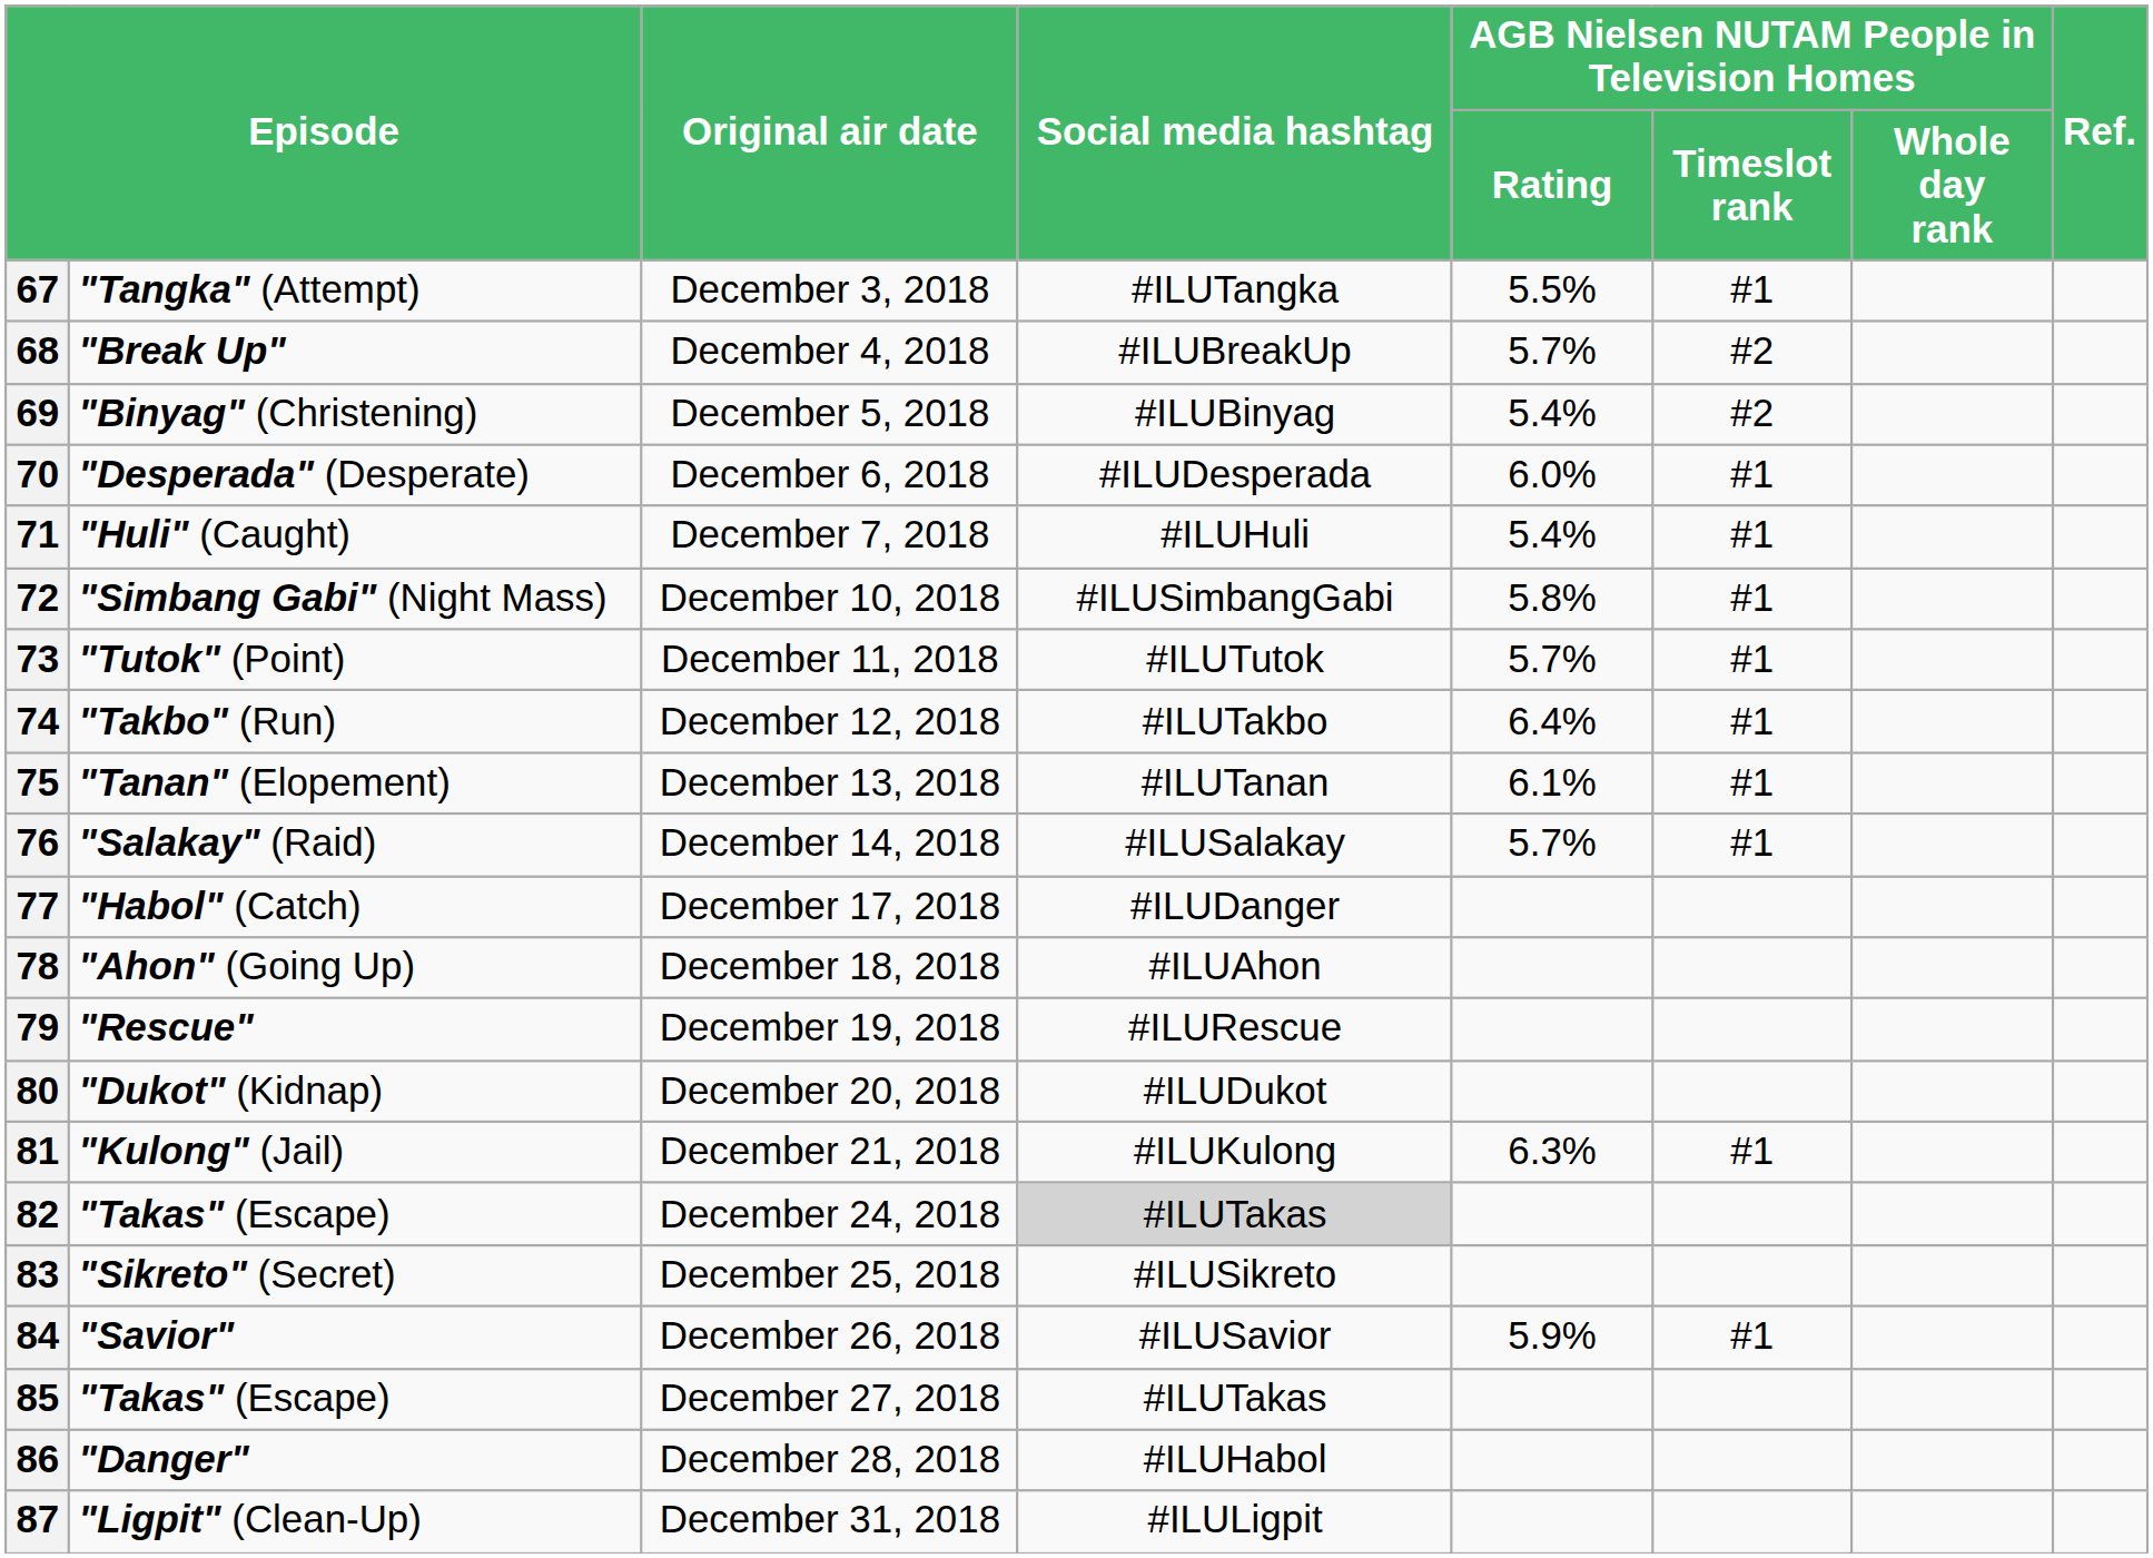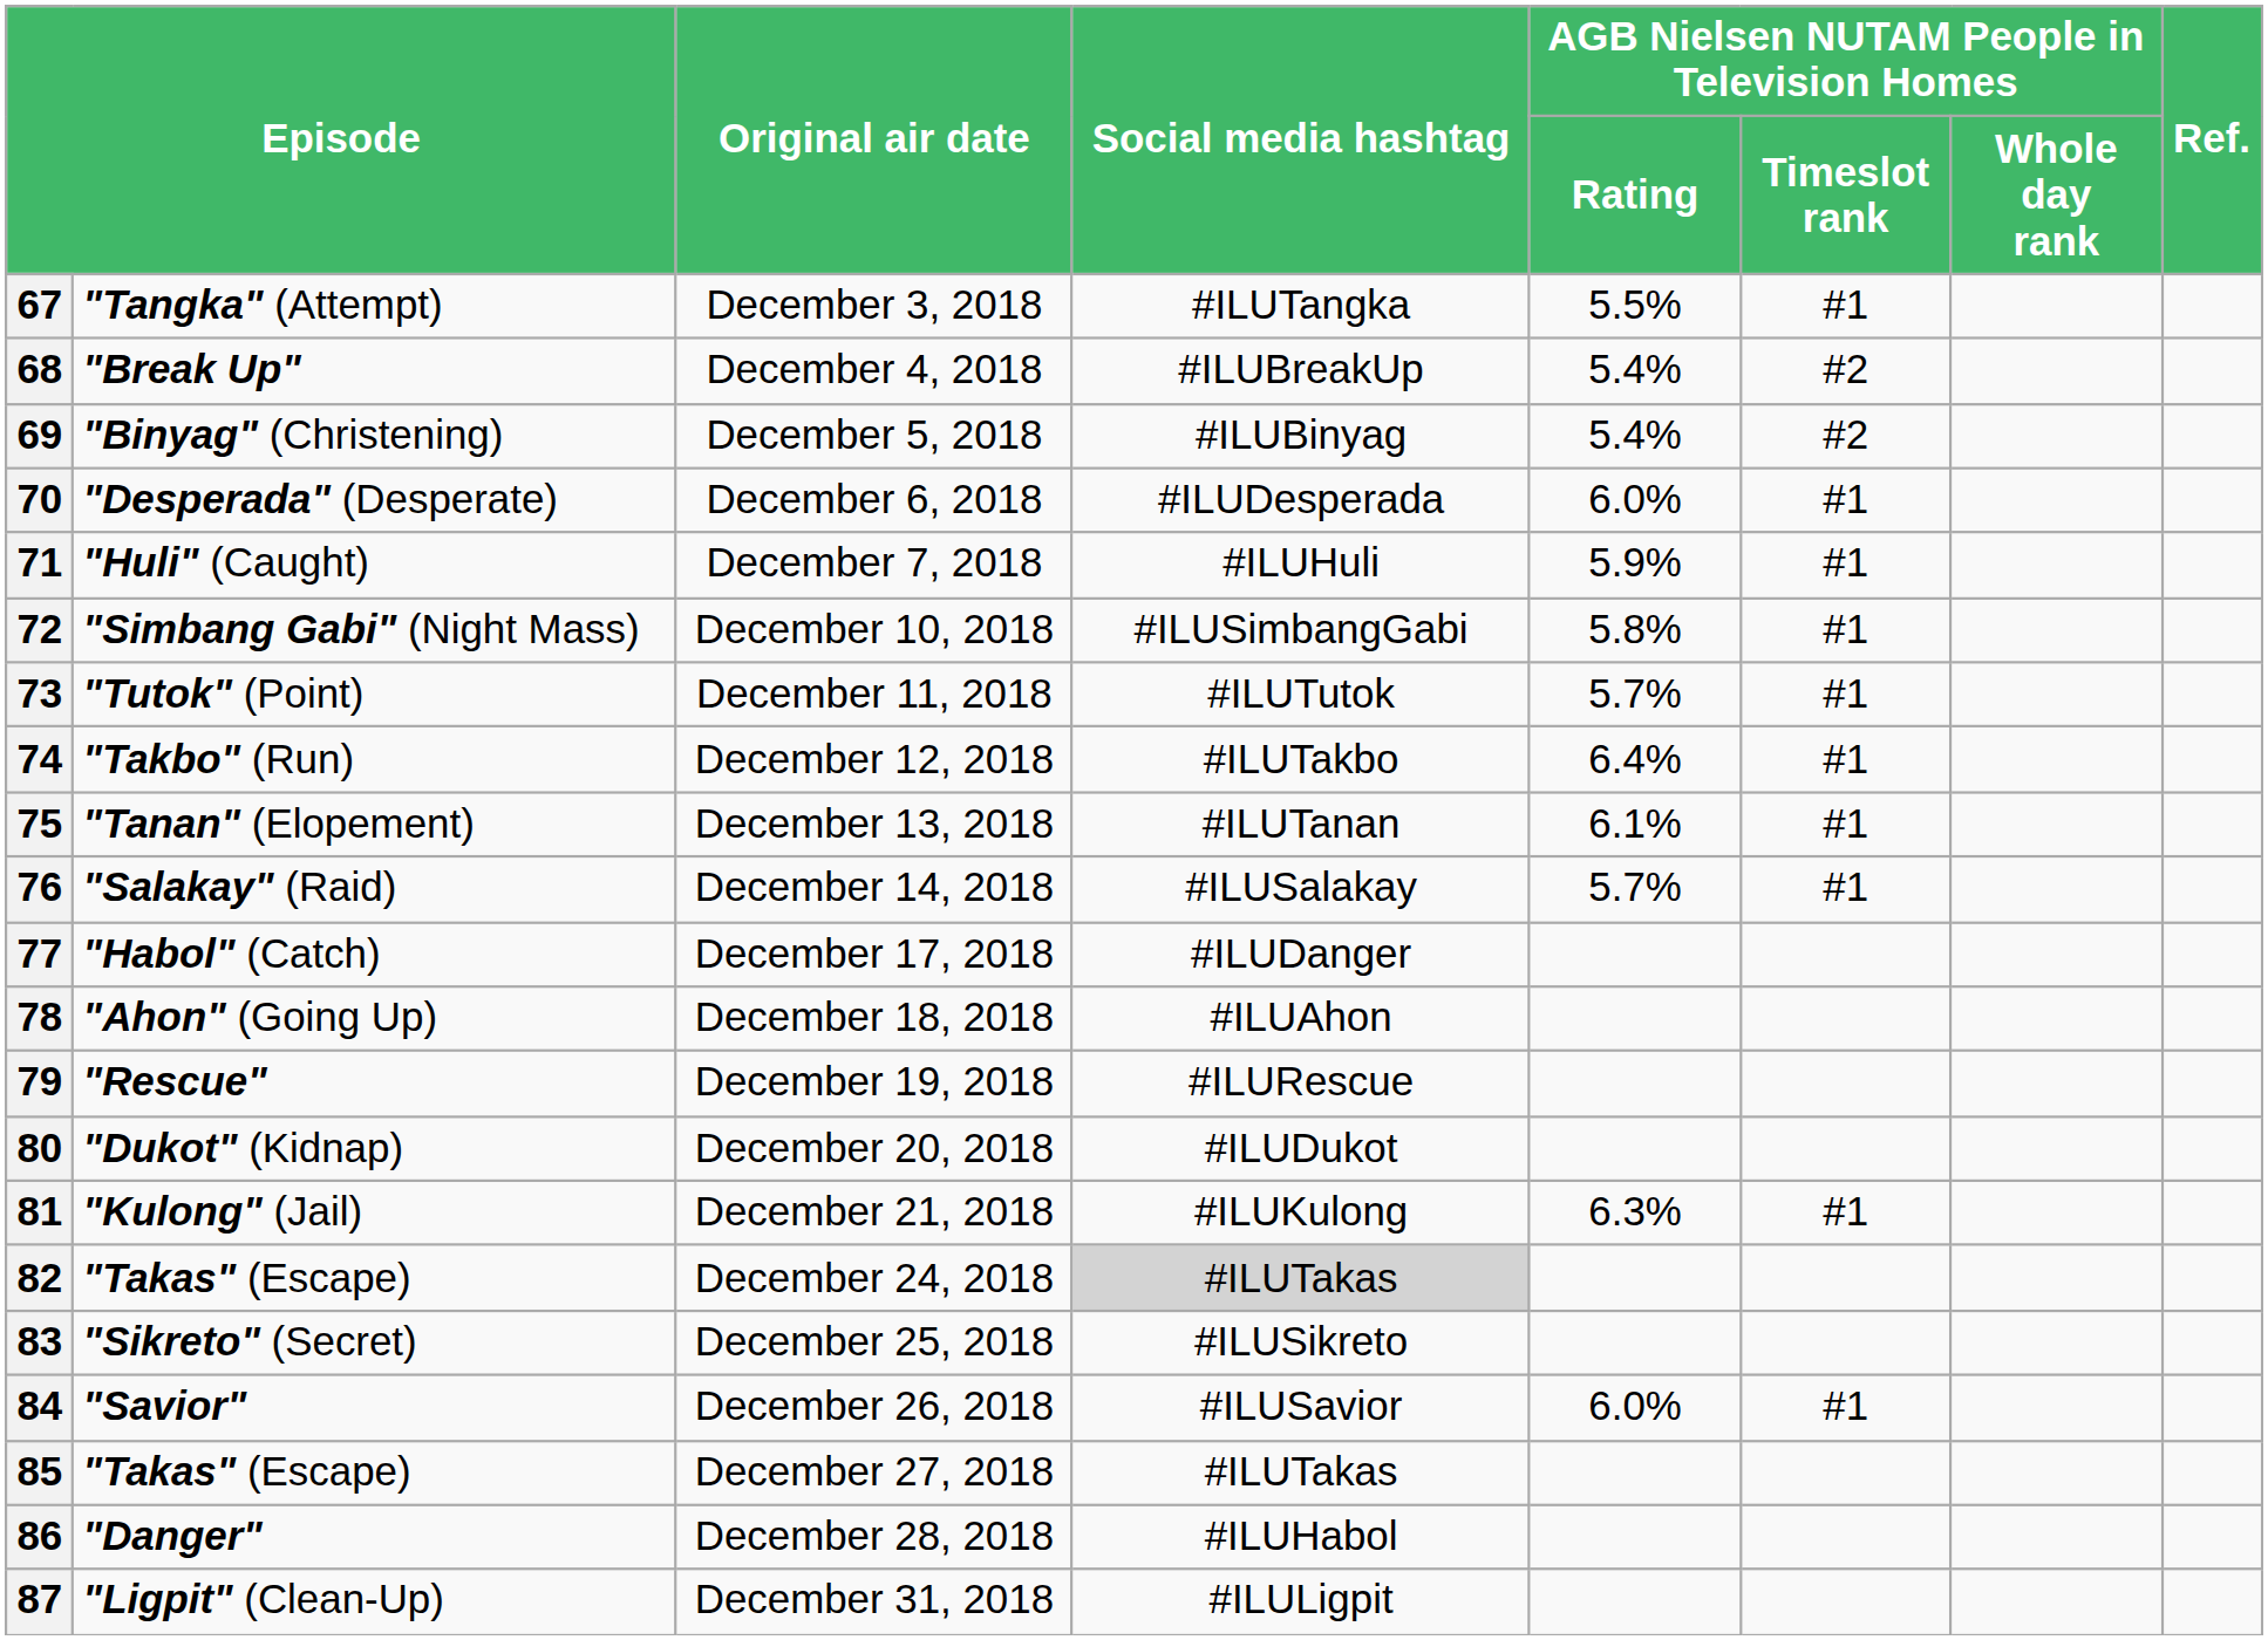 <table class="wikitable" style="text-align:center; font-size:100%; line-height:18px;" width="100%">
 <tr>
 <th style="background-color:#40b868; color:white;" colspan="2" rowspan="2">Episode</th>
 <th style="background-color:#40b868; color:white" rowspan="2">Original air date</th>
 <th style="background-color:#40b868; color:white" rowspan="2">Social media hashtag</th>
 <th style="background-color:#40b868; color:white;" colspan="3">AGB Nielsen NUTAM People in Television Homes</th>
 <th style="background-color:#40b868;  color:white;" rowspan="2">Ref.</th>
 </tr>
 <tr>
 <th style="background-color:#40b868; width:75px; color:white;">Rating</th>
 <th style="background-color:#40b868;  width:75px; color:white;">Timeslot<br>rank</th>
 <th style="background-color:#40b868; width:75px; color:white;">Whole day<br>rank</th>
 </tr>
 <tr>
 <th>67</th>
 <td style="text-align: left;"><strong><em>"Tangka"</em></strong> (Attempt)</td>
 <td>December 3, 2018</td>
 <td>#ILUTangka</td>
 <td>5.5%</td>
 <td>#1</td>
 <td></td>
 <td></td>
 </tr>
 <tr>
 <th>68</th>
 <td style="text-align: left;"><strong><em>"Break Up"</em></strong></td>
 <td>December 4, 2018</td>
 <td>#ILUBreakUp</td>
-<td>5.7%</td>
+<td>5.4%</td>
 <td>#2</td>
 <td></td>
 <td></td>
 </tr>
 <tr>
 <th>69</th>
 <td style="text-align: left;"><strong><em>"Binyag"</em></strong> (Christening)</td>
 <td>December 5, 2018</td>
 <td>#ILUBinyag</td>
 <td>5.4%</td>
 <td>#2</td>
 <td></td>
 <td></td>
 </tr>
 <tr>
 <th>70</th>
 <td style="text-align: left;"><strong><em>"Desperada"</em></strong> (Desperate)</td>
 <td>December 6, 2018</td>
 <td>#ILUDesperada</td>
 <td>6.0%</td>
 <td>#1</td>
 <td></td>
 <td></td>
 </tr>
 <tr>
 <th>71</th>
 <td style="text-align: left;"><strong><em>"Huli"</em></strong> (Caught)</td>
 <td>December 7, 2018</td>
 <td>#ILUHuli</td>
-<td>5.4%</td>
+<td>5.9%</td>
 <td>#1</td>
 <td></td>
 <td></td>
 </tr>
 <tr>
 <th>72</th>
 <td style="text-align: left;"><strong><em>"Simbang Gabi"</em></strong> (Night Mass)</td>
 <td>December 10, 2018</td>
 <td>#ILUSimbangGabi</td>
 <td>5.8%</td>
 <td>#1</td>
 <td></td>
 <td></td>
 </tr>
 <tr>
 <th>73</th>
 <td style="text-align: left;"><strong><em>"Tutok"</em></strong> (Point)</td>
 <td>December 11, 2018</td>
 <td>#ILUTutok</td>
 <td>5.7%</td>
 <td>#1</td>
 <td></td>
 <td></td>
 </tr>
 <tr>
 <th>74</th>
 <td style="text-align: left;"><strong><em>"Takbo"</em></strong> (Run)</td>
 <td>December 12, 2018</td>
 <td>#ILUTakbo</td>
 <td>6.4%</td>
 <td>#1</td>
 <td></td>
 <td></td>
 </tr>
 <tr>
 <th>75</th>
 <td style="text-align: left;"><strong><em>"Tanan"</em></strong> (Elopement)</td>
 <td>December 13, 2018</td>
 <td>#ILUTanan</td>
 <td>6.1%</td>
 <td>#1</td>
 <td></td>
 <td></td>
 </tr>
 <tr>
 <th>76</th>
 <td style="text-align: left;"><strong><em>"Salakay"</em></strong> (Raid)</td>
 <td>December 14, 2018</td>
 <td>#ILUSalakay</td>
 <td>5.7%</td>
 <td>#1</td>
 <td></td>
 <td></td>
 </tr>
 <tr>
 <th>77</th>
 <td style="text-align: left;"><strong><em>"Habol"</em></strong> (Catch)</td>
 <td>December 17, 2018</td>
 <td>#ILUDanger</td>
 <td></td>
 <td></td>
 <td></td>
 <td></td>
 </tr>
 <tr>
 <th>78</th>
 <td style="text-align: left;"><strong><em>"Ahon"</em></strong> (Going Up)</td>
 <td>December 18, 2018</td>
 <td>#ILUAhon</td>
 <td></td>
 <td></td>
 <td></td>
 <td></td>
 </tr>
 <tr>
 <th>79</th>
 <td style="text-align: left;"><strong><em>"Rescue"</em></strong></td>
 <td>December 19, 2018</td>
 <td>#ILURescue</td>
 <td></td>
 <td></td>
 <td></td>
 <td></td>
 </tr>
 <tr>
 <th>80</th>
 <td style="text-align: left;"><strong><em>"Dukot"</em></strong> (Kidnap)</td>
 <td>December 20, 2018</td>
 <td>#ILUDukot</td>
 <td></td>
 <td></td>
 <td></td>
 <td></td>
 </tr>
 <tr>
 <th>81</th>
 <td style="text-align: left;"><strong><em>"Kulong"</em></strong> (Jail)</td>
 <td>December 21, 2018</td>
 <td>#ILUKulong</td>
 <td>6.3%</td>
 <td>#1</td>
 <td></td>
 <td></td>
 </tr>
 <tr>
 <th>82</th>
 <td style="text-align: left;"><strong><em>"Takas"</em></strong> (Escape)</td>
 <td>December 24, 2018</td>
 <td style="background: lightgrey;">#ILUTakas</td>
 <td></td>
 <td></td>
 <td></td>
 <td></td>
 </tr>
 <tr>
 <th>83</th>
 <td style="text-align: left;"><strong><em>"Sikreto"</em></strong> (Secret)</td>
 <td>December 25, 2018</td>
 <td>#ILUSikreto</td>
 <td></td>
 <td></td>
 <td></td>
 <td></td>
 </tr>
 <tr>
 <th>84</th>
 <td style="text-align: left;"><strong><em>"Savior"</em></strong></td>
 <td>December 26, 2018</td>
 <td>#ILUSavior</td>
-<td>5.9%</td>
+<td>6.0%</td>
 <td>#1</td>
 <td></td>
 <td></td>
 </tr>
 <tr>
 <th>85</th>
 <td style="text-align: left;"><strong><em>"Takas"</em></strong> (Escape)</td>
 <td>December 27, 2018</td>
 <td>#ILUTakas</td>
 <td></td>
 <td></td>
 <td></td>
 <td></td>
 </tr>
 <tr>
 <th>86</th>
 <td style="text-align: left;"><strong><em>"Danger"</em></strong></td>
 <td>December 28, 2018</td>
 <td>#ILUHabol</td>
 <td></td>
 <td></td>
 <td></td>
 <td></td>
 </tr>
 <tr>
 <th>87</th>
 <td style="text-align: left;"><strong><em>"Ligpit"</em></strong> (Clean-Up)</td>
 <td>December 31, 2018</td>
 <td>#ILULigpit</td>
 <td></td>
 <td></td>
 <td></td>
 <td></td>
 </tr>
 </table>
